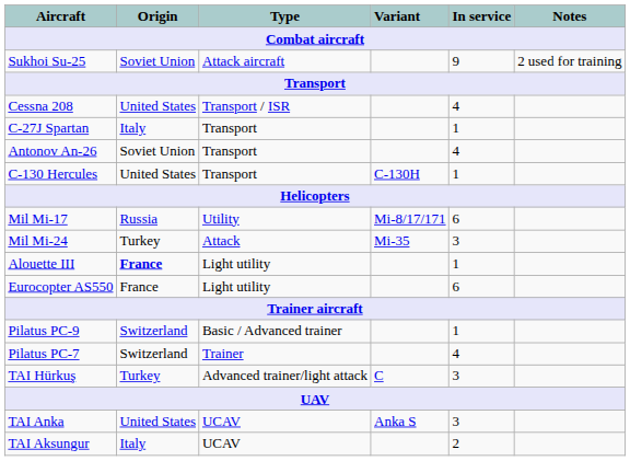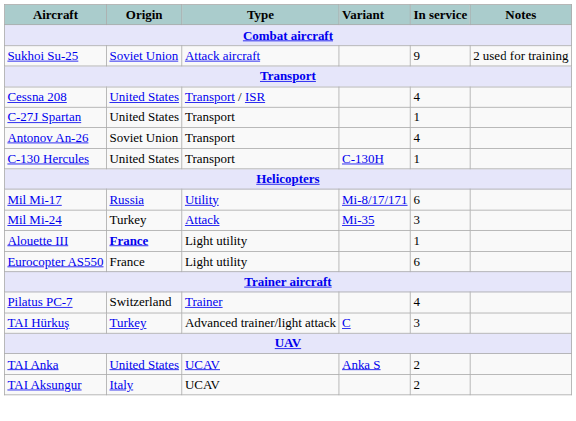 <table class="wikitable">
 <tr>
 <th style="text-align:center; background:#acc;">Aircraft</th>
 <th style="text-align: center; background:#acc;">Origin</th>
 <th style="text-align:l center; background:#acc;">Type</th>
 <th style="text-align:left; background:#acc;">Variant</th>
 <th style="text-align:center; background:#acc;">In service</th>
 <th style="text-align: center; background:#acc;">Notes</th>
 </tr>
 <tr>
 <th style="align: center; background: lavender;" colspan="6"><a href='#'>Combat aircraft</a></th>
 </tr>
 <tr>
 <td><a href='#'>Sukhoi Su-25</a></td>
 <td><a href='#'>Soviet Union</a></td>
 <td><a href='#'>Attack aircraft</a></td>
 <td></td>
 <td>9</td>
 <td>2 used for training</td>
 </tr>
 <tr>
 <th style="align: center; background: lavender;" colspan="6"><a href='#'>Transport</a></th>
 </tr>
 <tr>
 <td><a href='#'>Cessna 208</a></td>
 <td><a href='#'>United States</a></td>
 <td><a href='#'>Transport</a> / <a href='#'>ISR</a></td>
 <td></td>
 <td>4</td>
 <td></td>
 </tr>
 <tr>
 <td><a href='#'>C-27J Spartan</a></td>
-<td><a href='#'>Italy</a></td>
+<td>United States</td>
 <td>Transport</td>
 <td></td>
 <td>1</td>
 <td></td>
 </tr>
 <tr>
 <td><a href='#'>Antonov An-26</a></td>
 <td>Soviet Union</td>
 <td>Transport</td>
 <td></td>
 <td>4</td>
 <td></td>
 </tr>
 <tr>
 <td><a href='#'>C-130 Hercules</a></td>
 <td>United States</td>
 <td>Transport</td>
 <td><a href='#'>C-130H</a></td>
 <td>1</td>
 <td></td>
 </tr>
 <tr>
 <th style="align: center; background: lavender;" colspan="6"><a href='#'>Helicopters</a></th>
 </tr>
 <tr>
 <td><a href='#'>Mil Mi-17</a></td>
 <td><a href='#'>Russia</a></td>
 <td><a href='#'>Utility</a></td>
 <td><a href='#'>Mi-8/17/171</a></td>
 <td>6</td>
 <td></td>
 </tr>
 <tr>
 <td><a href='#'>Mil Mi-24</a></td>
 <td>Turkey</td>
 <td><a href='#'>Attack</a></td>
 <td><a href='#'>Mi-35</a></td>
 <td>3</td>
 <td></td>
 </tr>
 <tr>
 <td><a href='#'>Alouette III</a></td>
 <td><strong><a href='#'>France</a></strong></td>
 <td>Light utility</td>
 <td></td>
 <td>1</td>
 <td></td>
 </tr>
 <tr>
 <td><a href='#'>Eurocopter AS550</a></td>
 <td>France</td>
 <td>Light utility</td>
 <td></td>
 <td>6</td>
 <td></td>
 </tr>
 <tr>
 <th style="align: center; background: lavender;" colspan="6"><a href='#'>Trainer aircraft</a></th>
 </tr>
 <tr>
-<td><a href='#'>Pilatus PC-9</a></td>
-<td><a href='#'>Switzerland</a></td>
-<td>Basic / Advanced trainer</td>
-<td></td>
-<td>1</td>
-<td></td>
-</tr>
-<tr>
 <td><a href='#'>Pilatus PC-7</a></td>
 <td>Switzerland</td>
 <td><a href='#'>Trainer</a></td>
 <td></td>
 <td>4</td>
 <td></td>
 </tr>
 <tr>
 <td><a href='#'>TAI Hürkuş</a></td>
 <td><a href='#'>Turkey</a></td>
 <td>Advanced trainer/light attack</td>
 <td><a href='#'>C</a></td>
 <td>3</td>
 <td></td>
 </tr>
 <tr>
 <th style="align: center; background: lavender;" colspan="6"><a href='#'>UAV</a></th>
 </tr>
 <tr>
 <td><a href='#'>TAI Anka</a></td>
 <td><a href='#'>United States</a></td>
 <td><a href='#'>UCAV</a></td>
 <td><a href='#'>Anka S</a></td>
-<td>3</td>
+<td>2</td>
 <td></td>
 </tr>
 <tr>
 <td><a href='#'>TAI Aksungur</a></td>
 <td><a href='#'>Italy</a></td>
 <td>UCAV</td>
 <td></td>
 <td>2</td>
 <td></td>
 </tr>
 </table>
